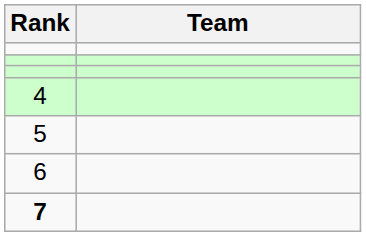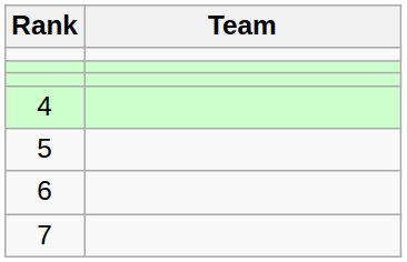 <table class=wikitable style="text-align:center;">
 <tr>
 <th>Rank</th>
 <th width=180>Team</th>
 </tr>
 <tr>
 <td></td>
 <td align=left></td>
 </tr>
 <tr bgcolor=#CCFFCC>
 <td></td>
 <td align=left></td>
 </tr>
 <tr bgcolor=#CCFFCC>
 <td></td>
 <td align=left></td>
 </tr>
 <tr bgcolor=#CCFFCC>
 <td>4</td>
 <td align=left></td>
 </tr>
 <tr>
 <td>5</td>
 <td align=left></td>
 </tr>
 <tr>
 <td>6</td>
 <td align=left></td>
 </tr>
 <tr>
-<td><strong>7</strong></td>
+<td>7</td>
 <td align=left></td>
 </tr>
 </table>
